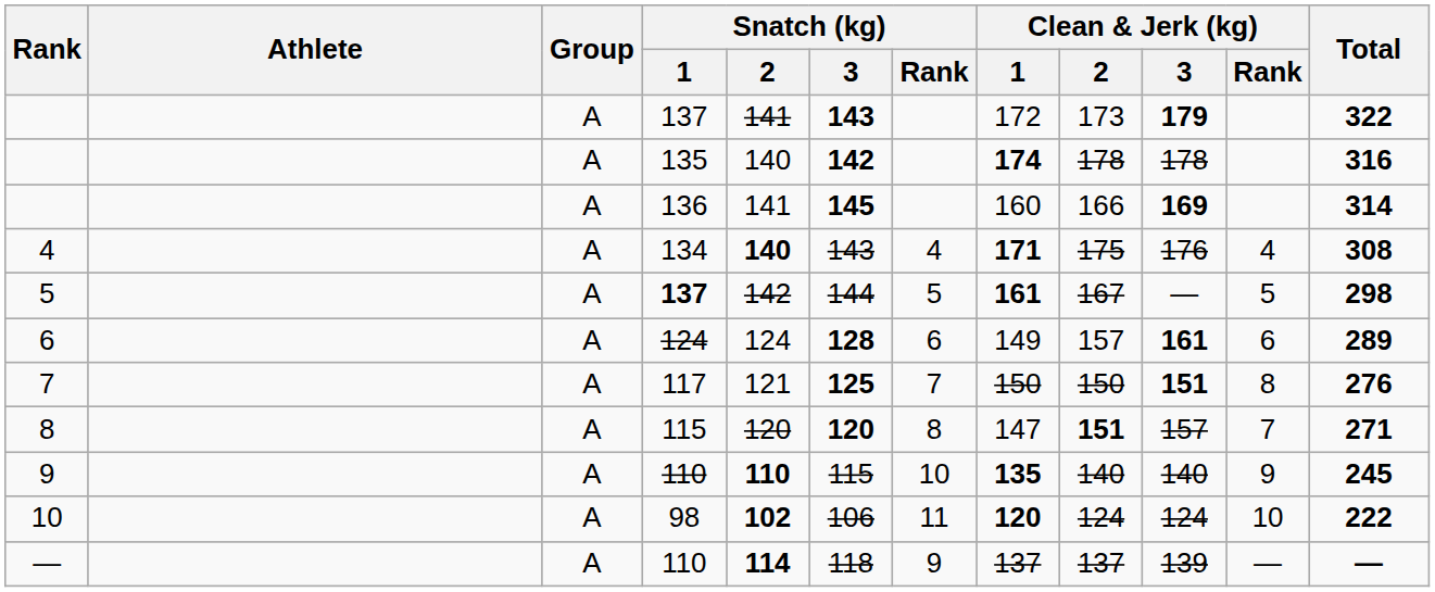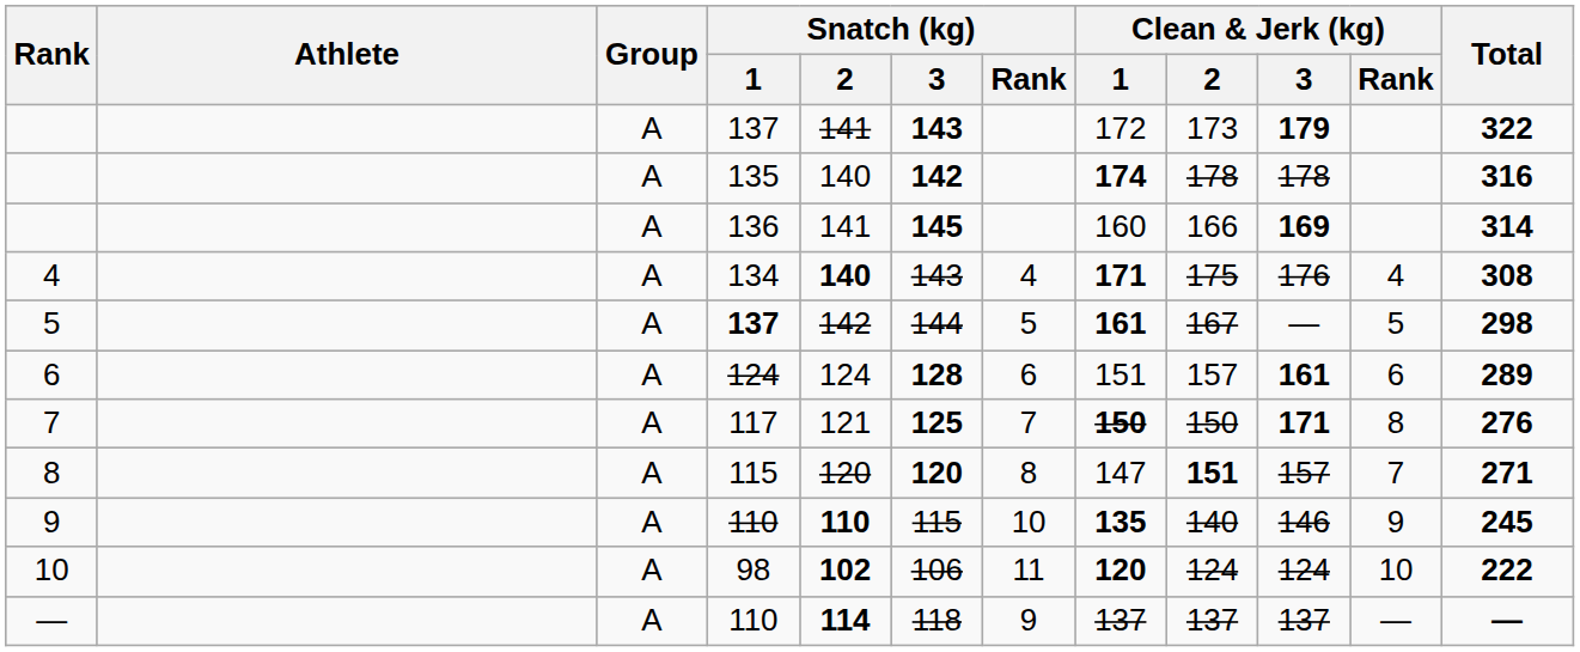 <table class = "wikitable" style="text-align:center;">
 <tr>
 <th rowspan=2 width=40>Rank</th>
 <th rowspan=2 width=250>Athlete</th>
 <th rowspan=2 width=50>Group</th>
 <th colspan=4>Snatch (kg)</th>
 <th colspan=4>Clean & Jerk (kg)</th>
 <th rowspan=2 width=60>Total</th>
 </tr>
 <tr>
 <th width=40>1</th>
 <th width=40>2</th>
 <th width=40>3</th>
 <th width=40>Rank</th>
 <th width=40>1</th>
 <th width=40>2</th>
 <th width=40>3</th>
 <th width=40>Rank</th>
 </tr>
 <tr>
 <td></td>
 <td align=left></td>
 <td>A</td>
 <td>137</td>
 <td><s>141</s></td>
 <td><strong>143</strong></td>
 <td></td>
 <td>172</td>
 <td>173</td>
 <td><strong>179</strong></td>
 <td></td>
 <td><strong>322</strong></td>
 </tr>
 <tr>
 <td></td>
 <td align=left></td>
 <td>A</td>
 <td>135</td>
 <td>140</td>
 <td><strong>142</strong></td>
 <td></td>
 <td><strong>174</strong></td>
 <td><s>178</s></td>
 <td><s>178</s></td>
 <td></td>
 <td><strong>316</strong></td>
 </tr>
 <tr>
 <td></td>
 <td align=left></td>
 <td>A</td>
 <td>136</td>
 <td>141</td>
 <td><strong>145</strong></td>
 <td></td>
 <td>160</td>
 <td>166</td>
 <td><strong>169</strong></td>
 <td></td>
 <td><strong>314</strong></td>
 </tr>
 <tr>
 <td>4</td>
 <td align=left></td>
 <td>A</td>
 <td>134</td>
 <td><strong>140</strong></td>
 <td><s>143</s></td>
 <td>4</td>
 <td><strong>171</strong></td>
 <td><s>175</s></td>
 <td><s>176</s></td>
 <td>4</td>
 <td><strong>308</strong></td>
 </tr>
 <tr>
 <td>5</td>
 <td align=left></td>
 <td>A</td>
 <td><strong>137</strong></td>
 <td><s>142</s></td>
 <td><s>144</s></td>
 <td>5</td>
 <td><strong>161</strong></td>
 <td><s>167</s></td>
 <td>—</td>
 <td>5</td>
 <td><strong>298</strong></td>
 </tr>
 <tr>
 <td>6</td>
 <td align=left></td>
 <td>A</td>
 <td><s>124</s></td>
 <td>124</td>
 <td><strong>128</strong></td>
 <td>6</td>
-<td>149</td>
+<td>151</td>
 <td>157</td>
 <td><strong>161</strong></td>
 <td>6</td>
 <td><strong>289</strong></td>
 </tr>
 <tr>
 <td>7</td>
 <td align=left></td>
 <td>A</td>
 <td>117</td>
 <td>121</td>
 <td><strong>125</strong></td>
 <td>7</td>
+<td><strong><s>150</s></strong></td>
 <td><s>150</s></td>
-<td><s>150</s></td>
-<td><strong>151</strong></td>
+<td><strong>171</strong></td>
 <td>8</td>
 <td><strong>276</strong></td>
 </tr>
 <tr>
 <td>8</td>
 <td align=left></td>
 <td>A</td>
 <td>115</td>
 <td><s>120</s></td>
 <td><strong>120</strong></td>
 <td>8</td>
 <td>147</td>
 <td><strong>151</strong></td>
 <td><s>157</s></td>
 <td>7</td>
 <td><strong>271</strong></td>
 </tr>
 <tr>
 <td>9</td>
 <td align=left></td>
 <td>A</td>
 <td><s>110</s></td>
 <td><strong>110</strong></td>
 <td><s>115</s></td>
 <td>10</td>
 <td><strong>135</strong></td>
 <td><s>140</s></td>
-<td><s>140</s></td>
+<td><s>146</s></td>
 <td>9</td>
 <td><strong>245</strong></td>
 </tr>
 <tr>
 <td>10</td>
 <td align=left></td>
 <td>A</td>
 <td>98</td>
 <td><strong>102</strong></td>
 <td><s>106</s></td>
 <td>11</td>
 <td><strong>120</strong></td>
 <td><s>124</s></td>
 <td><s>124</s></td>
 <td>10</td>
 <td><strong>222</strong></td>
 </tr>
 <tr>
 <td>—</td>
 <td align=left></td>
 <td>A</td>
 <td>110</td>
 <td><strong>114</strong></td>
 <td><s>118</s></td>
 <td>9</td>
 <td><s>137</s></td>
 <td><s>137</s></td>
-<td><s>139</s></td>
+<td><s>137</s></td>
 <td>—</td>
 <td><strong>—</strong></td>
 </tr>
 </table>
